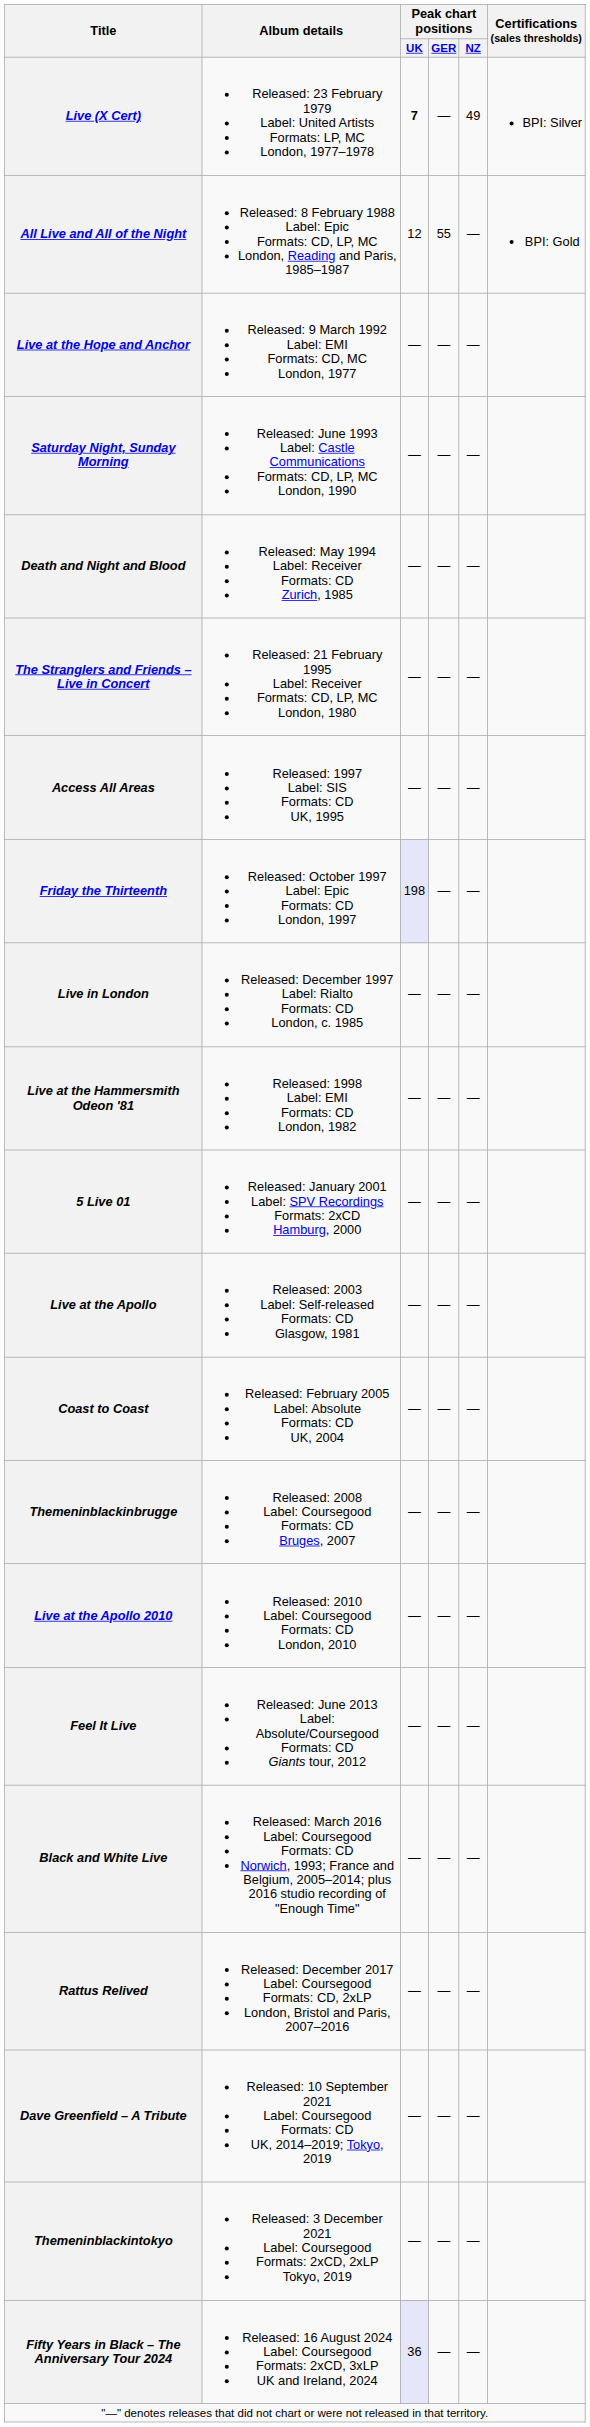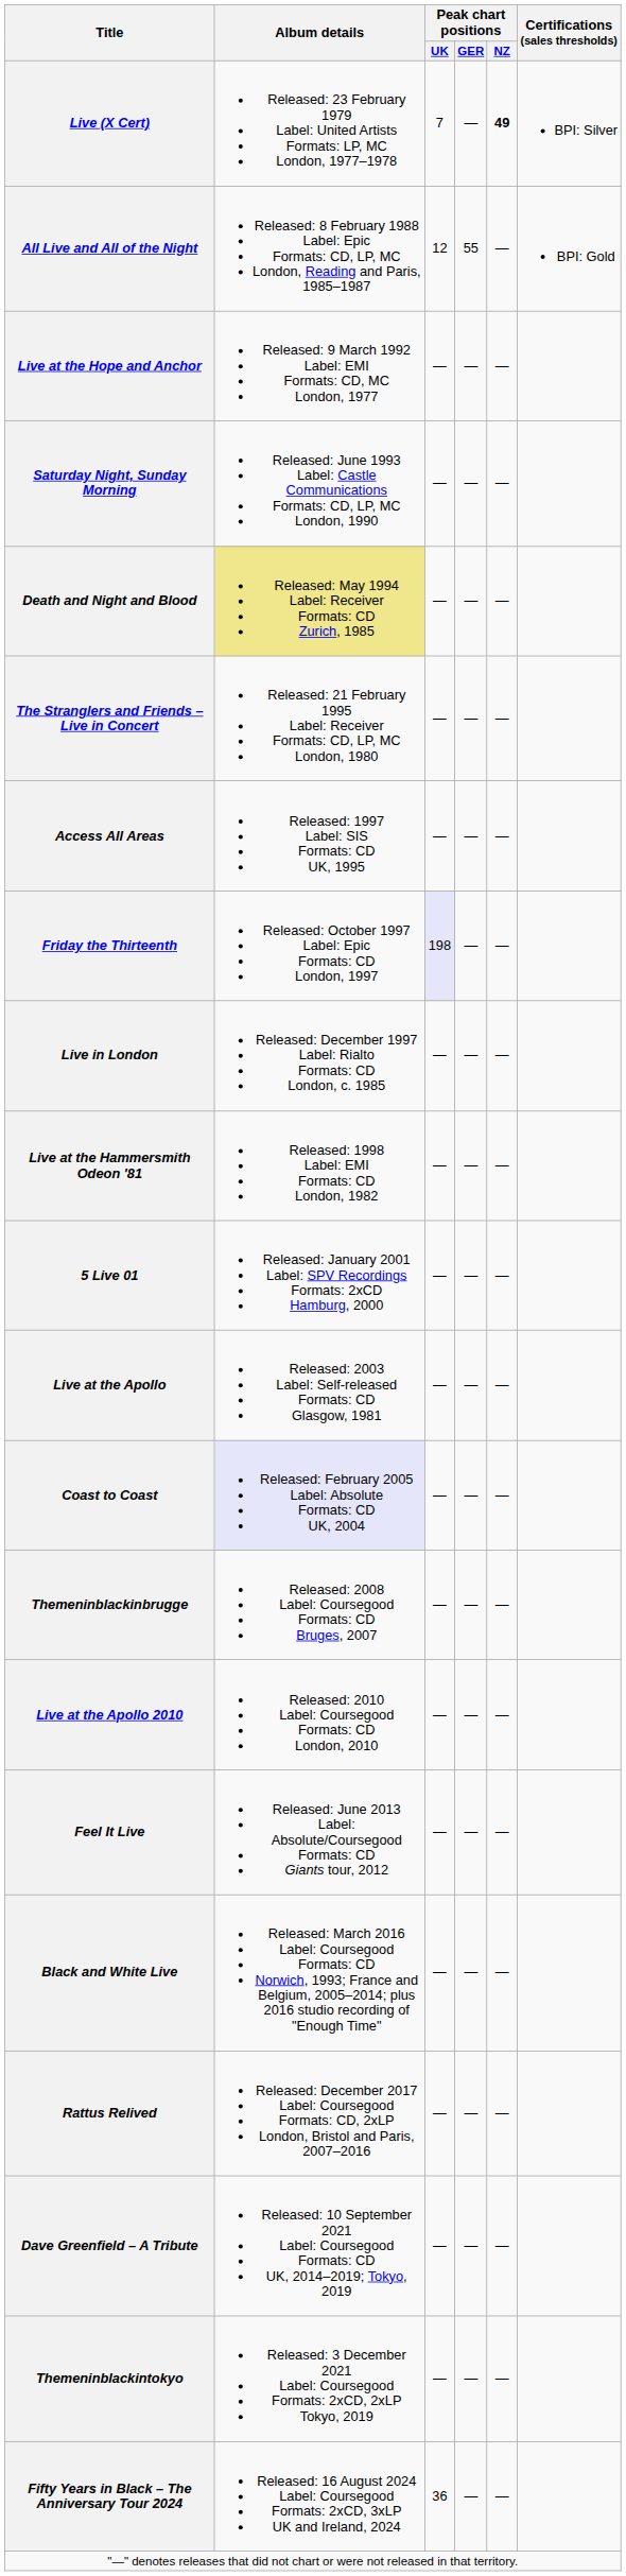 <table class="wikitable plainrowheaders" style="text-align:center;">
 <tr>
 <th rowspan="2" scope="col" style="width:15em;">Title</th>
 <th rowspan="2" scope="col" style="width:15em;">Album details</th>
 <th colspan="3" scope="col">Peak chart positions</th>
 <th rowspan="2">Certifications<br><small>(sales thresholds)</small></th>
 </tr>
 <tr>
 <th scope="col" style="width:2em;font-size:90%;"><a href='#'>UK</a><br></th>
 <th scope="col" style="width:2em;font-size:90%;"><a href='#'>GER</a><br></th>
 <th scope="col" style="width:2em;font-size:90%;"><a href='#'>NZ</a><br></th>
 </tr>
 <tr>
 <th scope="row"><em><a href='#'>Live (X Cert)</a></em></th>
 <td><br><ul><li>Released: 23 February 1979</li><li>Label: United Artists</li><li>Formats: LP, MC</li><li>London, 1977–1978</li></ul></td>
-<td><strong>7</strong></td>
+<td>7</td>
 <td>—</td>
-<td>49</td>
+<td><strong>49</strong></td>
 <td><br><ul><li>BPI: Silver</li></ul></td>
 </tr>
 <tr>
 <th scope="row"><em><a href='#'>All Live and All of the Night</a></em></th>
 <td><br><ul><li>Released: 8 February 1988</li><li>Label: Epic</li><li>Formats: CD, LP, MC</li><li>London, <a href='#'>Reading</a> and Paris, 1985–1987</li></ul></td>
 <td>12</td>
 <td>55</td>
 <td>—</td>
 <td><br><ul><li>BPI: Gold</li></ul></td>
 </tr>
 <tr>
 <th scope="row"><em><a href='#'>Live at the Hope and Anchor</a></em></th>
 <td><br><ul><li>Released: 9 March 1992</li><li>Label: EMI</li><li>Formats: CD, MC</li><li>London, 1977</li></ul></td>
 <td>—</td>
 <td>—</td>
 <td>—</td>
 <td></td>
 </tr>
 <tr>
 <th scope="row"><em><a href='#'>Saturday Night, Sunday Morning</a></em></th>
 <td><br><ul><li>Released: June 1993</li><li>Label: <a href='#'>Castle Communications</a></li><li>Formats: CD, LP, MC</li><li>London, 1990</li></ul></td>
 <td>—</td>
 <td>—</td>
 <td>—</td>
 <td></td>
 </tr>
 <tr>
 <th scope="row"><em>Death and Night and Blood</em></th>
-<td><br><ul><li>Released: May 1994</li><li>Label: Receiver</li><li>Formats: CD</li><li><a href='#'>Zurich</a>, 1985</li></ul></td>
+<td style="background: khaki;"><br><ul><li>Released: May 1994</li><li>Label: Receiver</li><li>Formats: CD</li><li><a href='#'>Zurich</a>, 1985</li></ul></td>
 <td>—</td>
 <td>—</td>
 <td>—</td>
 <td></td>
 </tr>
 <tr>
 <th scope="row"><em><a href='#'>The Stranglers and Friends – Live in Concert</a></em></th>
 <td><br><ul><li>Released: 21 February 1995</li><li>Label: Receiver</li><li>Formats: CD, LP, MC</li><li>London, 1980</li></ul></td>
 <td>—</td>
 <td>—</td>
 <td>—</td>
 <td></td>
 </tr>
 <tr>
 <th scope="row"><em>Access All Areas</em></th>
 <td><br><ul><li>Released: 1997</li><li>Label: SIS</li><li>Formats: CD</li><li>UK, 1995</li></ul></td>
 <td>—</td>
 <td>—</td>
 <td>—</td>
 <td></td>
 </tr>
 <tr>
 <th scope="row"><em><a href='#'>Friday the Thirteenth</a></em></th>
 <td><br><ul><li>Released: October 1997</li><li>Label: Epic</li><li>Formats: CD</li><li>London, 1997</li></ul></td>
 <td style="background: lavender;">198</td>
 <td>—</td>
 <td>—</td>
 <td></td>
 </tr>
 <tr>
 <th scope="row"><em>Live in London</em></th>
 <td><br><ul><li>Released: December 1997</li><li>Label: Rialto</li><li>Formats: CD</li><li>London, c. 1985</li></ul></td>
 <td>—</td>
 <td>—</td>
 <td>—</td>
 <td></td>
 </tr>
 <tr>
 <th scope="row"><em>Live at the Hammersmith Odeon '81</em></th>
 <td><br><ul><li>Released: 1998</li><li>Label: EMI</li><li>Formats: CD</li><li>London, 1982</li></ul></td>
 <td>—</td>
 <td>—</td>
 <td>—</td>
 <td></td>
 </tr>
 <tr>
 <th scope="row"><em>5 Live 01</em></th>
 <td><br><ul><li>Released: January 2001</li><li>Label: <a href='#'>SPV Recordings</a></li><li>Formats: 2xCD</li><li><a href='#'>Hamburg</a>, 2000</li></ul></td>
 <td>—</td>
 <td>—</td>
 <td>—</td>
 <td></td>
 </tr>
 <tr>
 <th scope="row"><em>Live at the Apollo</em></th>
 <td><br><ul><li>Released: 2003</li><li>Label: Self-released</li><li>Formats: CD</li><li>Glasgow, 1981</li></ul></td>
 <td>—</td>
 <td>—</td>
 <td>—</td>
 <td></td>
 </tr>
 <tr>
 <th scope="row"><em>Coast to Coast</em></th>
-<td><br><ul><li>Released: February 2005</li><li>Label: Absolute</li><li>Formats: CD</li><li>UK, 2004</li></ul></td>
+<td style="background: lavender;"><br><ul><li>Released: February 2005</li><li>Label: Absolute</li><li>Formats: CD</li><li>UK, 2004</li></ul></td>
 <td>—</td>
 <td>—</td>
 <td>—</td>
 <td></td>
 </tr>
 <tr>
 <th scope="row"><em>Themeninblackinbrugge</em></th>
 <td><br><ul><li>Released: 2008</li><li>Label: Coursegood</li><li>Formats: CD</li><li><a href='#'>Bruges</a>, 2007</li></ul></td>
 <td>—</td>
 <td>—</td>
 <td>—</td>
 <td></td>
 </tr>
 <tr>
 <th scope="row"><em><a href='#'>Live at the Apollo 2010</a></em></th>
 <td><br><ul><li>Released: 2010</li><li>Label: Coursegood</li><li>Formats: CD</li><li>London, 2010</li></ul></td>
 <td>—</td>
 <td>—</td>
 <td>—</td>
 <td></td>
 </tr>
 <tr>
 <th scope="row"><em>Feel It Live</em></th>
 <td><br><ul><li>Released: June 2013</li><li>Label: Absolute/Coursegood</li><li>Formats: CD</li><li><em>Giants</em> tour, 2012</li></ul></td>
 <td>—</td>
 <td>—</td>
 <td>—</td>
 <td></td>
 </tr>
 <tr>
 <th scope="row"><em>Black and White Live</em></th>
 <td><br><ul><li>Released: March 2016</li><li>Label: Coursegood</li><li>Formats: CD</li><li><a href='#'>Norwich</a>, 1993; France and Belgium, 2005–2014; plus 2016 studio recording of "Enough Time"</li></ul></td>
 <td>—</td>
 <td>—</td>
 <td>—</td>
 <td></td>
 </tr>
 <tr>
 <th scope="row"><em>Rattus Relived</em></th>
 <td><br><ul><li>Released: December 2017</li><li>Label: Coursegood</li><li>Formats: CD, 2xLP</li><li>London, Bristol and Paris, 2007–2016</li></ul></td>
 <td>—</td>
 <td>—</td>
 <td>—</td>
 <td></td>
 </tr>
 <tr>
 <th scope="row"><em>Dave Greenfield – A Tribute</em></th>
 <td><br><ul><li>Released: 10 September 2021</li><li>Label: Coursegood</li><li>Formats: CD</li><li>UK, 2014–2019; <a href='#'>Tokyo</a>, 2019</li></ul></td>
 <td>—</td>
 <td>—</td>
 <td>—</td>
 <td></td>
 </tr>
 <tr>
 <th scope="row"><em>Themeninblackintokyo</em></th>
 <td><br><ul><li>Released: 3 December 2021</li><li>Label: Coursegood</li><li>Formats: 2xCD, 2xLP</li><li>Tokyo, 2019</li></ul></td>
 <td>—</td>
 <td>—</td>
 <td>—</td>
 <td></td>
 </tr>
 <tr>
 <th scope="row"><em>Fifty Years in Black – The Anniversary Tour 2024</em></th>
 <td><br><ul><li>Released: 16 August 2024</li><li>Label: Coursegood</li><li>Formats: 2xCD, 3xLP</li><li>UK and Ireland, 2024</li></ul></td>
-<td style="background: lavender;">36</td>
+<td>36</td>
 <td>—</td>
 <td>—</td>
 <td></td>
 </tr>
 <tr>
 <td colspan="6" style="font-size:90%">"—" denotes releases that did not chart or were not released in that territory.</td>
 </tr>
 </table>
